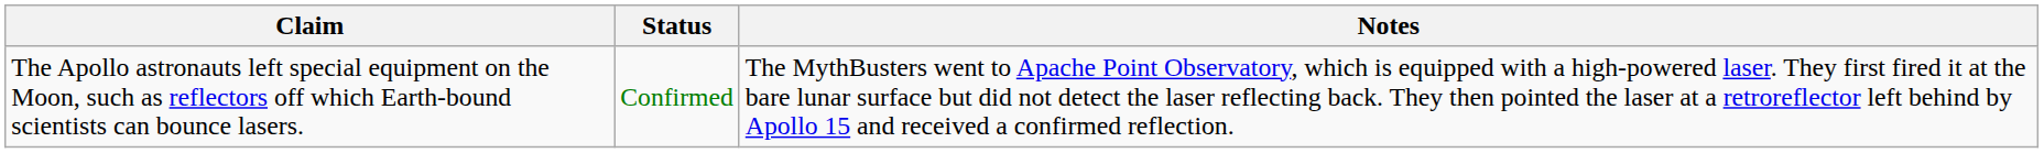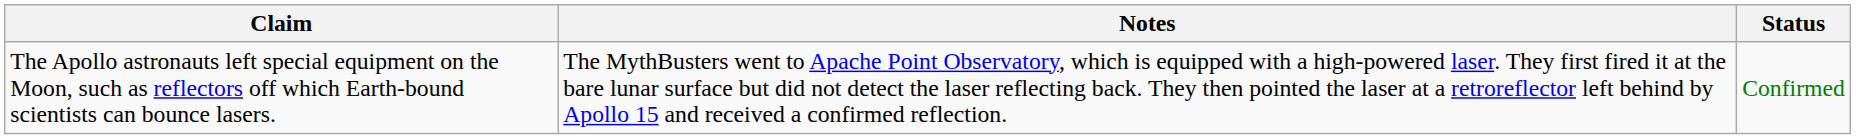 <table class="wikitable plainrowheaders">
 <tr>
 <th>Claim</th>
+<th>Notes</th>
 <th>Status</th>
-<th>Notes</th>
 </tr>
 <tr>
 <td>The Apollo astronauts left special equipment on the Moon, such as <a href='#'>reflectors</a> off which Earth-bound scientists can bounce lasers.</td>
+<td>The MythBusters went to <a href='#'>Apache Point Observatory</a>, which is equipped with a high-powered <a href='#'>laser</a>. They first fired it at the bare lunar surface but did not detect the laser reflecting back. They then pointed the laser at a <a href='#'>retroreflector</a> left behind by <a href='#'>Apollo 15</a> and received a confirmed reflection.</td>
 <td style="color:green">Confirmed</td>
-<td>The MythBusters went to <a href='#'>Apache Point Observatory</a>, which is equipped with a high-powered <a href='#'>laser</a>. They first fired it at the bare lunar surface but did not detect the laser reflecting back. They then pointed the laser at a <a href='#'>retroreflector</a> left behind by <a href='#'>Apollo 15</a> and received a confirmed reflection.</td>
 </tr>
 </table>
